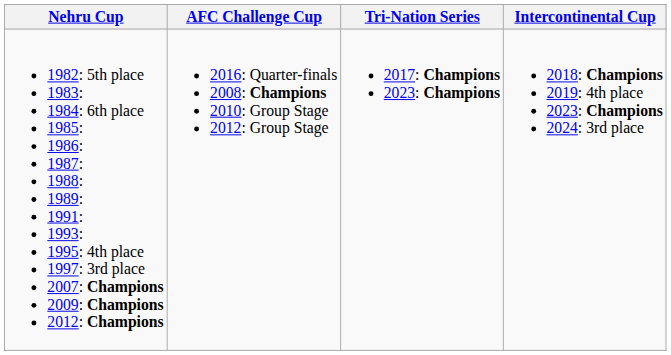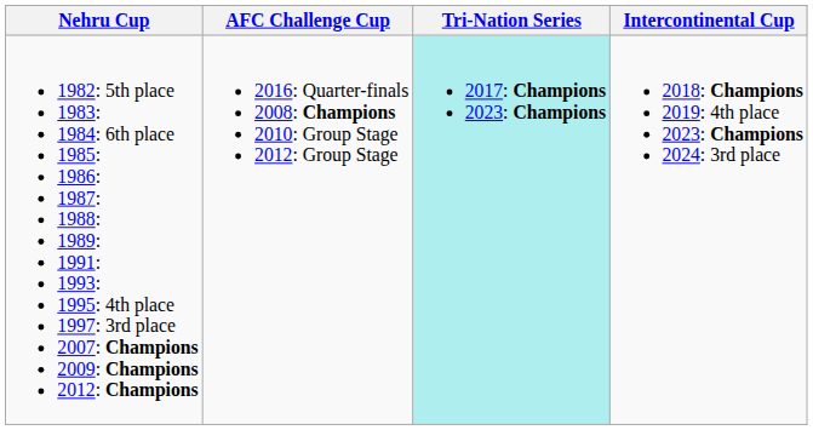 <table class="wikitable">
 <tr style="background:#ccc;">
 </tr>
 <tr style="background:#ccc;">
 <th><a href='#'>Nehru Cup</a></th>
 <th><a href='#'>AFC Challenge Cup</a></th>
 <th><a href='#'>Tri-Nation Series</a></th>
 <th><a href='#'>Intercontinental Cup</a></th>
 </tr>
 <tr>
 <td style="vertical-align:top;"><br><ul><li> <a href='#'>1982</a>: 5th place</li><li> <a href='#'>1983</a>:</li><li> <a href='#'>1984</a>: 6th place</li><li> <a href='#'>1985</a>:</li><li> <a href='#'>1986</a>:</li><li> <a href='#'>1987</a>:</li><li> <a href='#'>1988</a>:</li><li> <a href='#'>1989</a>:</li><li> <a href='#'>1991</a>:</li><li> <a href='#'>1993</a>:</li><li> <a href='#'>1995</a>: 4th place</li><li> <a href='#'>1997</a>: 3rd place</li><li> <a href='#'>2007</a>: <strong>Champions</strong></li><li> <a href='#'>2009</a>: <strong>Champions</strong></li><li> <a href='#'>2012</a>: <strong>Champions</strong></li></ul></td>
 <td style="vertical-align:top;"><br><ul><li> <a href='#'>2016</a>: Quarter-finals</li><li> <a href='#'>2008</a>: <strong>Champions</strong></li><li> <a href='#'>2010</a>: Group Stage</li><li> <a href='#'>2012</a>: Group Stage</li></ul></td>
-<td style="vertical-align:top;"><br><ul><li> <a href='#'>2017</a>: <strong>Champions</strong></li><li> <a href='#'>2023</a>: <strong>Champions</strong></li></ul></td>
+<td style="background: paleturquoise; vertical-align:top;"><br><ul><li> <a href='#'>2017</a>: <strong>Champions</strong></li><li> <a href='#'>2023</a>: <strong>Champions</strong></li></ul></td>
 <td style="vertical-align:top;"><br><ul><li> <a href='#'>2018</a>: <strong>Champions</strong></li><li> <a href='#'>2019</a>: 4th place</li><li> <a href='#'>2023</a>: <strong>Champions</strong></li><li> <a href='#'>2024</a>: 3rd place</li></ul></td>
 </tr>
 </table>
